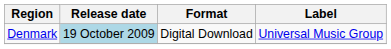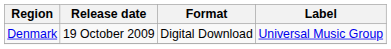 <table class="wikitable">
 <tr>
 <th>Region</th>
 <th>Release date</th>
 <th>Format</th>
 <th>Label</th>
 </tr>
 <tr>
 <td><a href='#'>Denmark</a></td>
-<td style="background: lightblue;">19 October 2009</td>
+<td>19 October 2009</td>
 <td>Digital Download</td>
 <td><a href='#'>Universal Music Group</a></td>
 </tr>
 <tr>
 </tr>
 </table>
